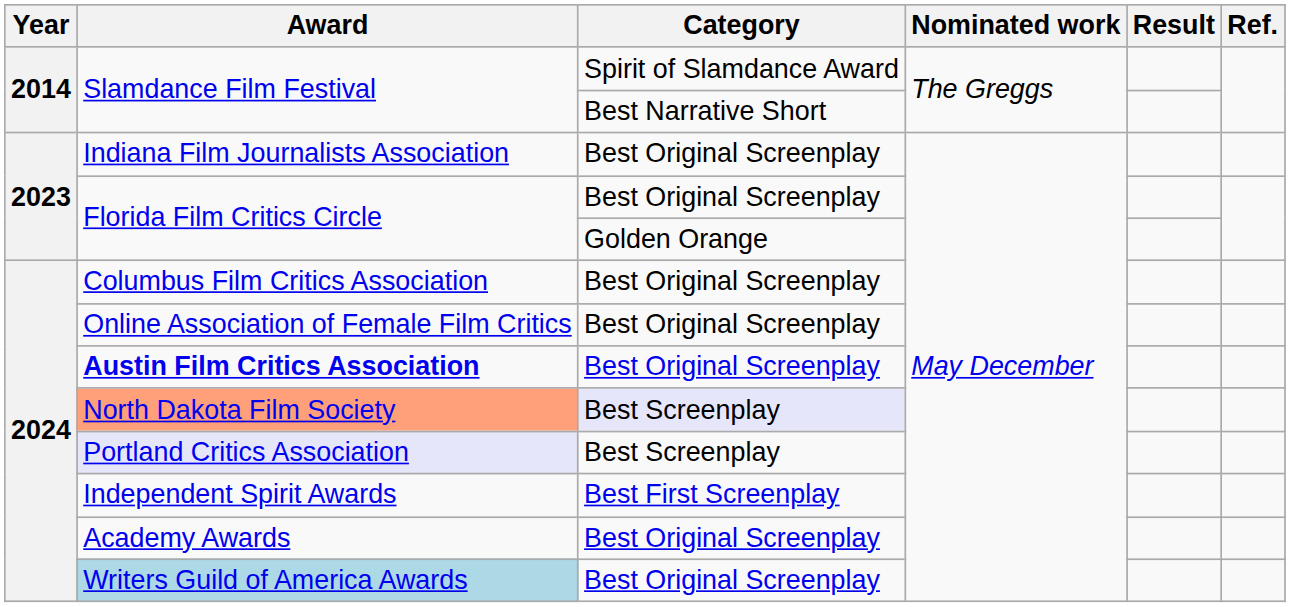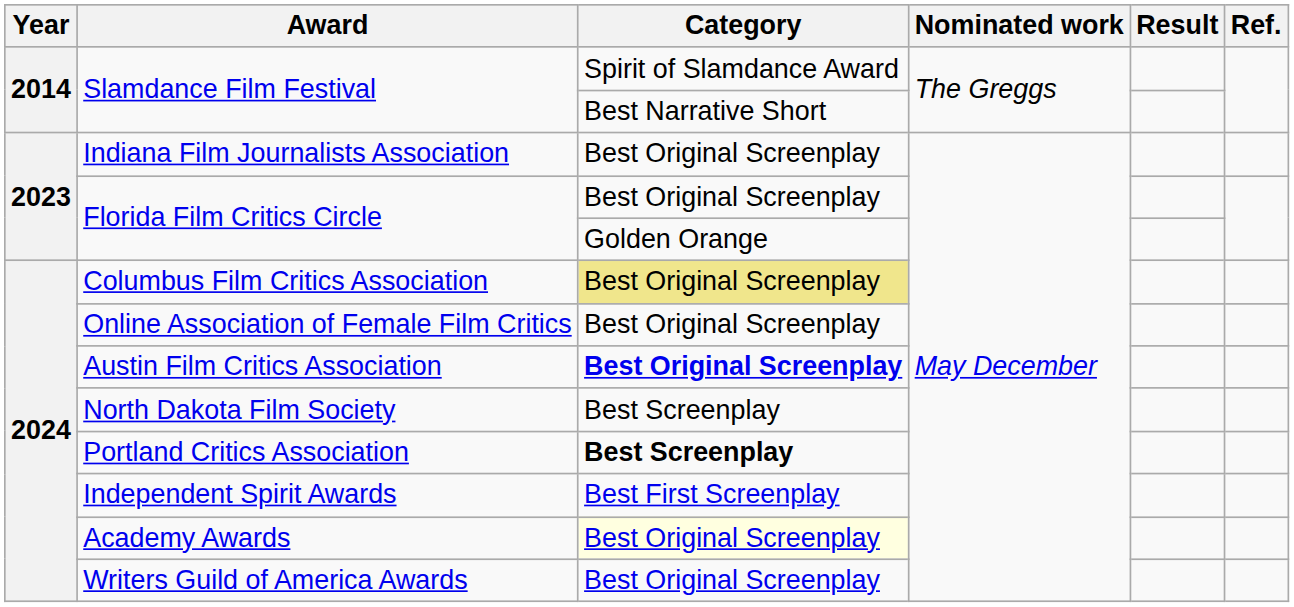 <table class="wikitable unsortable">
 <tr>
 <th>Year</th>
 <th>Award</th>
 <th>Category</th>
 <th>Nominated work</th>
 <th>Result</th>
 <th>Ref.</th>
 </tr>
 <tr>
 <th scope="row" rowspan="2">2014</th>
 <td rowspan="2"><a href='#'>Slamdance Film Festival</a></td>
 <td>Spirit of Slamdance Award</td>
 <td rowspan="2"><em>The Greggs</em></td>
 <td></td>
 <td rowspan="2" align="center"></td>
 </tr>
 <tr>
 <td>Best Narrative Short</td>
 <td></td>
 </tr>
 <tr>
 <th scope="row" rowspan="3">2023</th>
 <td><a href='#'>Indiana Film Journalists Association</a></td>
 <td>Best Original Screenplay</td>
 <td rowspan="12"><em><a href='#'>May December</a></em></td>
 <td></td>
 <td align="center"></td>
 </tr>
 <tr>
 <td rowspan="2"><a href='#'>Florida Film Critics Circle</a></td>
 <td>Best Original Screenplay</td>
 <td></td>
 <td align="center" rowspan="2"></td>
 </tr>
 <tr>
 <td>Golden Orange</td>
 <td></td>
 </tr>
 <tr>
 <th scope="row" rowspan="12">2024</th>
 <td><a href='#'>Columbus Film Critics Association</a></td>
-<td>Best Original Screenplay</td>
+<td style="background: khaki;">Best Original Screenplay</td>
 <td></td>
 <td align="center"></td>
 </tr>
 <tr>
 <td><a href='#'>Online Association of Female Film Critics</a></td>
 <td>Best Original Screenplay</td>
 <td></td>
 <td align="center"></td>
 </tr>
 <tr>
-<td><strong><a href='#'>Austin Film Critics Association</a></strong></td>
-<td><a href='#'>Best Original Screenplay</a></td>
+<td><a href='#'>Austin Film Critics Association</a></td>
+<td><strong><a href='#'>Best Original Screenplay</a></strong></td>
 <td></td>
 <td align="center"></td>
 </tr>
 <tr>
-<td style="background: lightsalmon;"><a href='#'>North Dakota Film Society</a></td>
-<td style="background: lavender;">Best Screenplay</td>
+<td><a href='#'>North Dakota Film Society</a></td>
+<td>Best Screenplay</td>
 <td></td>
 <td align="center"></td>
 </tr>
 <tr>
-<td style="background: lavender;"><a href='#'>Portland Critics Association</a></td>
-<td>Best Screenplay</td>
+<td><a href='#'>Portland Critics Association</a></td>
+<td><strong>Best Screenplay</strong></td>
 <td></td>
 <td align="center"></td>
 </tr>
 <tr>
 <td><a href='#'>Independent Spirit Awards</a></td>
 <td><a href='#'>Best First Screenplay</a></td>
 <td></td>
 <td align="center"></td>
 </tr>
 <tr>
 <td><a href='#'>Academy Awards</a></td>
-<td><a href='#'>Best Original Screenplay</a></td>
+<td style="background: lightyellow;"><a href='#'>Best Original Screenplay</a></td>
 <td></td>
 <td align="center"></td>
 </tr>
 <tr>
-<td style="background: lightblue;"><a href='#'>Writers Guild of America Awards</a></td>
+<td><a href='#'>Writers Guild of America Awards</a></td>
 <td><a href='#'>Best Original Screenplay</a></td>
 <td></td>
 <td align="center"></td>
 </tr>
 </table>
